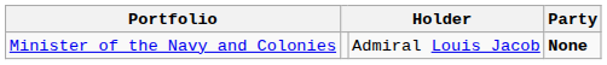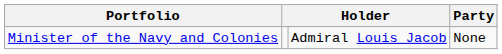 <table class="wikitable">
 <tr>
 <th>Portfolio</th>
 <th colspan=2>Holder</th>
 <th>Party</th>
 </tr>
 <tr>
 <td><a href='#'>Minister of the Navy and Colonies</a></td>
 <td style="background:"></td>
 <td>Admiral <a href='#'>Louis Jacob</a></td>
-<td><strong>None</strong></td>
+<td>None</td>
 </tr>
 </table>
